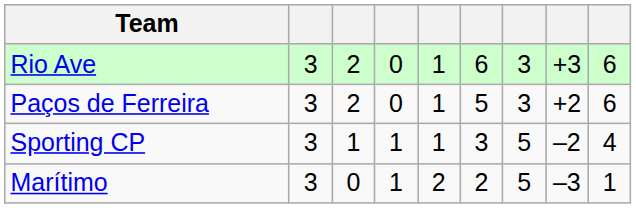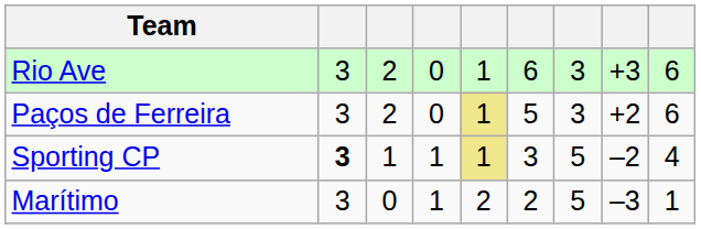 <table class="wikitable" style="text-align: center;">
 <tr>
 <th width=175>Team</th>
 <th width=20></th>
 <th width=20></th>
 <th width=20></th>
 <th width=20></th>
 <th width=20></th>
 <th width=20></th>
 <th width=20></th>
 <th width=20></th>
 </tr>
 <tr bgcolor=#ccffcc>
 <td align=left><a href='#'>Rio Ave</a></td>
 <td>3</td>
 <td>2</td>
 <td>0</td>
 <td>1</td>
 <td>6</td>
 <td>3</td>
 <td>+3</td>
 <td>6</td>
 </tr>
 <tr>
 <td align=left><a href='#'>Paços de Ferreira</a></td>
 <td>3</td>
 <td>2</td>
 <td>0</td>
-<td>1</td>
+<td style="background: khaki;">1</td>
 <td>5</td>
 <td>3</td>
 <td>+2</td>
 <td>6</td>
 </tr>
 <tr>
 <td align=left><a href='#'>Sporting CP</a></td>
-<td>3</td>
+<td><strong>3</strong></td>
 <td>1</td>
 <td>1</td>
-<td>1</td>
+<td style="background: khaki;">1</td>
 <td>3</td>
 <td>5</td>
 <td>–2</td>
 <td>4</td>
 </tr>
 <tr>
 <td align=left><a href='#'>Marítimo</a></td>
 <td>3</td>
 <td>0</td>
 <td>1</td>
 <td>2</td>
 <td>2</td>
 <td>5</td>
 <td>–3</td>
 <td>1</td>
 </tr>
 </table>
